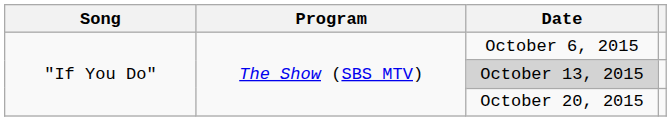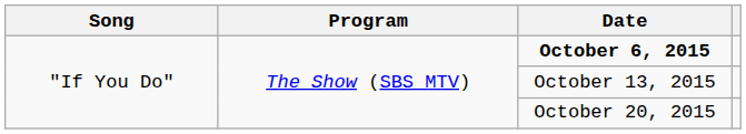 <table class="wikitable" style="text-align:center">
 <tr>
 <th width="140">Song</th>
 <th width="200">Program</th>
 <th width="140">Date</th>
 <th></th>
 </tr>
 <tr>
 <td rowspan="3">"If You Do"</td>
 <td rowspan="3"><em><a href='#'>The Show</a></em> (<a href='#'>SBS MTV</a>)</td>
-<td>October 6, 2015</td>
+<td><strong>October 6, 2015</strong></td>
 <td></td>
 </tr>
 <tr>
-<td style="background: lightgrey;">October 13, 2015</td>
+<td>October 13, 2015</td>
 <td></td>
 </tr>
 <tr>
 <td>October 20, 2015</td>
 <td></td>
 </tr>
 </table>
